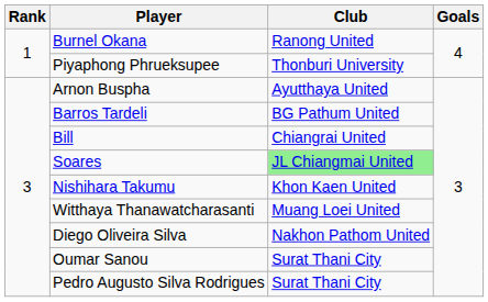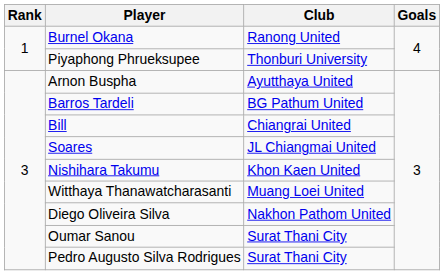 <table class="wikitable sortable" style="text-align:center">
 <tr>
 <th>Rank</th>
 <th>Player</th>
 <th>Club</th>
 <th>Goals</th>
 </tr>
 <tr>
 <td rowspan="2">1</td>
 <td align=left> <a href='#'>Burnel Okana</a></td>
 <td align=left><a href='#'>Ranong United</a></td>
 <td rowspan="2">4</td>
 </tr>
 <tr>
 <td align=left> Piyaphong Phrueksupee</td>
 <td align=left><a href='#'>Thonburi University</a></td>
 </tr>
 <tr>
 <td rowspan="9">3</td>
 <td align=left> Arnon Buspha</td>
 <td align=left><a href='#'>Ayutthaya United</a></td>
 <td rowspan="9">3</td>
 </tr>
 <tr>
 <td align=left> <a href='#'>Barros Tardeli</a></td>
 <td align=left><a href='#'>BG Pathum United</a></td>
 </tr>
 <tr>
 <td align=left> <a href='#'>Bill</a></td>
 <td align=left><a href='#'>Chiangrai United</a></td>
 </tr>
 <tr>
 <td align=left> <a href='#'>Soares</a></td>
-<td align=left style="background: lightgreen;"><a href='#'>JL Chiangmai United</a></td>
+<td align=left><a href='#'>JL Chiangmai United</a></td>
 </tr>
 <tr>
 <td align=left> <a href='#'>Nishihara Takumu</a></td>
 <td align=left><a href='#'>Khon Kaen United</a></td>
 </tr>
 <tr>
 <td align=left> Witthaya Thanawatcharasanti</td>
 <td align=left><a href='#'>Muang Loei United</a></td>
 </tr>
 <tr>
 <td align=left> Diego Oliveira Silva</td>
 <td align=left><a href='#'>Nakhon Pathom United</a></td>
 </tr>
 <tr>
 <td align=left> Oumar Sanou</td>
 <td align=left><a href='#'>Surat Thani City</a></td>
 </tr>
 <tr>
 <td align=left> Pedro Augusto Silva Rodrigues</td>
 <td align=left><a href='#'>Surat Thani City</a></td>
 </tr>
 </table>
